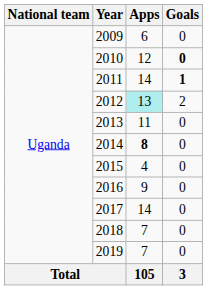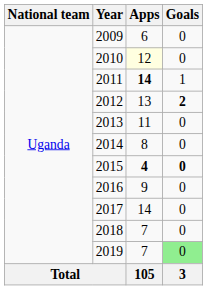 <table class="wikitable" style="text-align:center">
 <tr>
 <th>National team</th>
 <th>Year</th>
 <th>Apps</th>
 <th>Goals</th>
 </tr>
 <tr>
 <td rowspan="11"><a href='#'>Uganda</a></td>
 <td>2009</td>
 <td>6</td>
 <td>0</td>
 </tr>
 <tr>
 <td>2010</td>
-<td>12</td>
-<td><strong>0</strong></td>
+<td style="background: lightyellow;">12</td>
+<td>0</td>
 </tr>
 <tr>
 <td>2011</td>
-<td>14</td>
-<td><strong>1</strong></td>
+<td><strong>14</strong></td>
+<td>1</td>
 </tr>
 <tr>
 <td>2012</td>
-<td style="background: paleturquoise;">13</td>
-<td>2</td>
+<td>13</td>
+<td><strong>2</strong></td>
 </tr>
 <tr>
 <td>2013</td>
 <td>11</td>
 <td>0</td>
 </tr>
 <tr>
 <td>2014</td>
-<td><strong>8</strong></td>
+<td>8</td>
 <td>0</td>
 </tr>
 <tr>
 <td>2015</td>
-<td>4</td>
-<td>0</td>
+<td><strong>4</strong></td>
+<td><strong>0</strong></td>
 </tr>
 <tr>
 <td>2016</td>
 <td>9</td>
 <td>0</td>
 </tr>
 <tr>
 <td>2017</td>
 <td>14</td>
 <td>0</td>
 </tr>
 <tr>
 <td>2018</td>
 <td>7</td>
 <td>0</td>
 </tr>
 <tr>
 <td>2019</td>
 <td>7</td>
-<td>0</td>
+<td style="background: lightgreen;">0</td>
 </tr>
 <tr>
 <th colspan="2">Total</th>
 <th>105</th>
 <th>3</th>
 </tr>
 </table>
